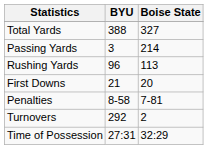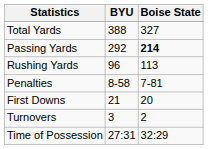 <table class="wikitable">
 <tr>
 <th>Statistics</th>
 <th>BYU</th>
 <th>Boise State</th>
 </tr>
 <tr>
 </tr>
 <tr>
 <td>Total Yards</td>
 <td>388</td>
 <td>327</td>
 </tr>
 <tr>
 <td>Passing Yards</td>
-<td>3</td>
-<td>214</td>
+<td>292</td>
+<td><strong>214</strong></td>
 </tr>
 <tr>
 <td>Rushing Yards</td>
 <td>96</td>
 <td>113</td>
 </tr>
 <tr>
+<td>Penalties</td>
+<td>8-58</td>
+<td>7-81</td>
+</tr>
+<tr>
 <td>First Downs</td>
 <td>21</td>
 <td>20</td>
 </tr>
 <tr>
-<td>Penalties</td>
-<td>8-58</td>
-<td>7-81</td>
-</tr>
-<tr>
 <td>Turnovers</td>
-<td>292</td>
+<td>3</td>
 <td>2</td>
 </tr>
 <tr>
 <td>Time of Possession</td>
 <td>27:31</td>
 <td>32:29</td>
 </tr>
 </table>
